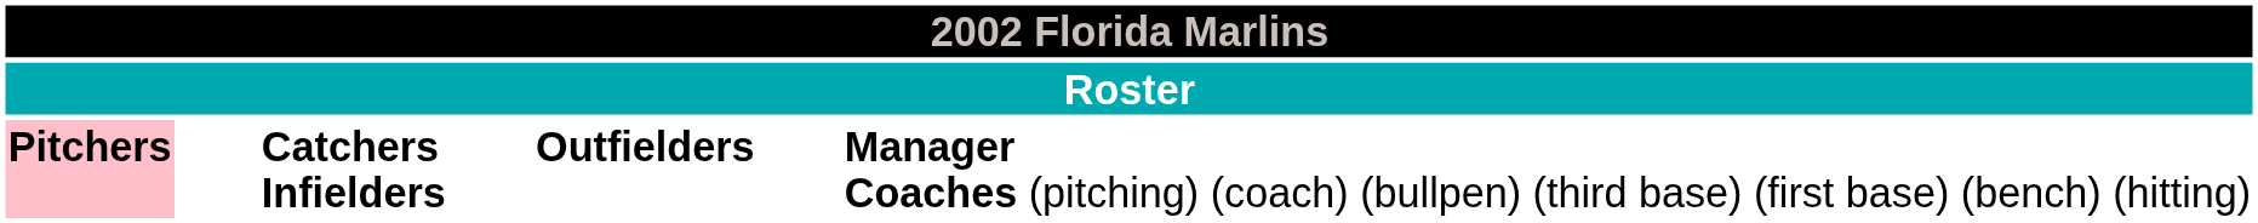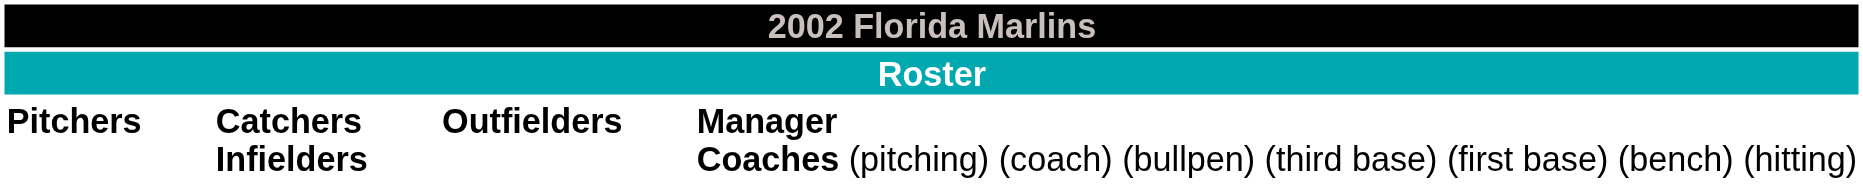 <table class="toccolours" style="font-size: 95%;">
 <tr>
 <th colspan="10" style="background-color: #000000; color: #C9C0BB; text-align: center;">2002 Florida Marlins</th>
 </tr>
 <tr>
 <td colspan="10" style="background-color: #00a8b0; color: white; text-align: center;"><strong>Roster</strong></td>
 </tr>
 <tr>
-<td valign="top" style="background: pink;"><strong>Pitchers</strong><br>                    </td>
+<td valign="top"><strong>Pitchers</strong><br>                    </td>
 <td width="25px"></td>
 <td valign="top"><strong>Catchers</strong><br>   <strong>Infielders</strong>          </td>
 <td width="25px"></td>
 <td valign="top"><strong>Outfielders</strong><br>      </td>
 <td width="25px"></td>
 <td valign="top"><strong>Manager</strong><br> <strong>Coaches</strong>  (pitching)  (coach)  (bullpen)  (third base)  (first base)  (bench)  (hitting)</td>
 </tr>
 <tr>
 </tr>
 </table>
